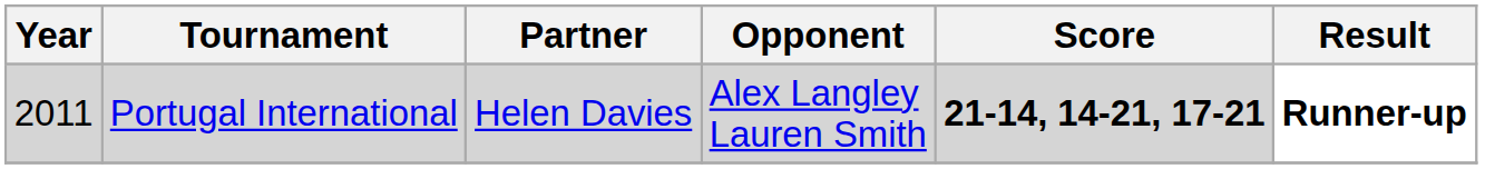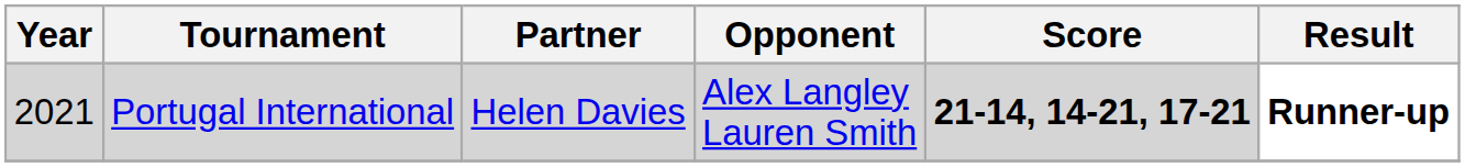 <table class="sortable wikitable" style="font-size: 90%;">
 <tr>
 <th>Year</th>
 <th>Tournament</th>
 <th>Partner</th>
 <th>Opponent</th>
 <th>Score</th>
 <th>Result</th>
 </tr>
 <tr style="background:#D5D5D5">
-<td align="center">2011</td>
+<td align="center">2021</td>
 <td align="left"><a href='#'>Portugal International</a></td>
 <td align="left"> <a href='#'>Helen Davies</a></td>
 <td align="left"> <a href='#'>Alex Langley</a> <br>  <a href='#'>Lauren Smith</a></td>
 <td align="left"><strong>21-14, 14-21, 17-21</strong></td>
 <td style="text-align:left; background:white"> <strong>Runner-up</strong></td>
 </tr>
 <tr>
 </tr>
 </table>
